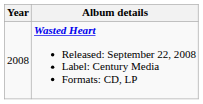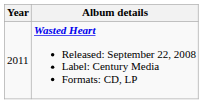 <table class="wikitable" border="1">
 <tr>
 <th>Year</th>
 <th>Album details</th>
 </tr>
 <tr>
-<td>2008</td>
+<td>2011</td>
 <td align="left"><strong><em><a href='#'>Wasted Heart</a></em></strong><br><ul><li>Released: September 22, 2008</li><li>Label: Century Media</li><li>Formats: CD, LP</li></ul></td>
 </tr>
 </table>
